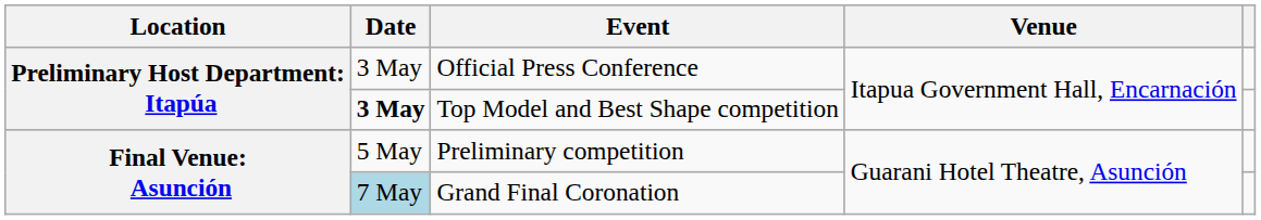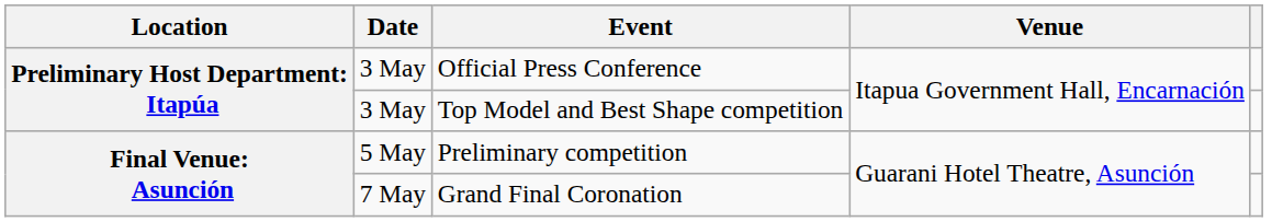 <table class="wikitable" style="font-size: 90%">
 <tr>
 <th>Location</th>
 <th>Date</th>
 <th>Event</th>
 <th>Venue</th>
 <th></th>
 </tr>
 <tr>
 <th rowspan=2>Preliminary Host Department:<br> <strong><a href='#'>Itapúa</a></strong></th>
 <td>3 May</td>
 <td>Official Press Conference</td>
 <td rowspan=2>Itapua Government Hall, <a href='#'>Encarnación</a></td>
 <td align=center></td>
 </tr>
 <tr>
-<td><strong>3 May</strong></td>
+<td>3 May</td>
 <td>Top Model and Best Shape competition</td>
 <td align=center></td>
 </tr>
 <tr>
 <th rowspan=2>Final Venue:<br> <strong><a href='#'>Asunción</a></strong></th>
 <td>5 May</td>
 <td>Preliminary competition</td>
 <td rowspan=2>Guarani Hotel Theatre, <a href='#'>Asunción</a></td>
 <td align=center></td>
 </tr>
 <tr>
-<td style="background: lightblue;">7 May</td>
+<td>7 May</td>
 <td>Grand Final Coronation</td>
 <td align=center></td>
 </tr>
 </table>
